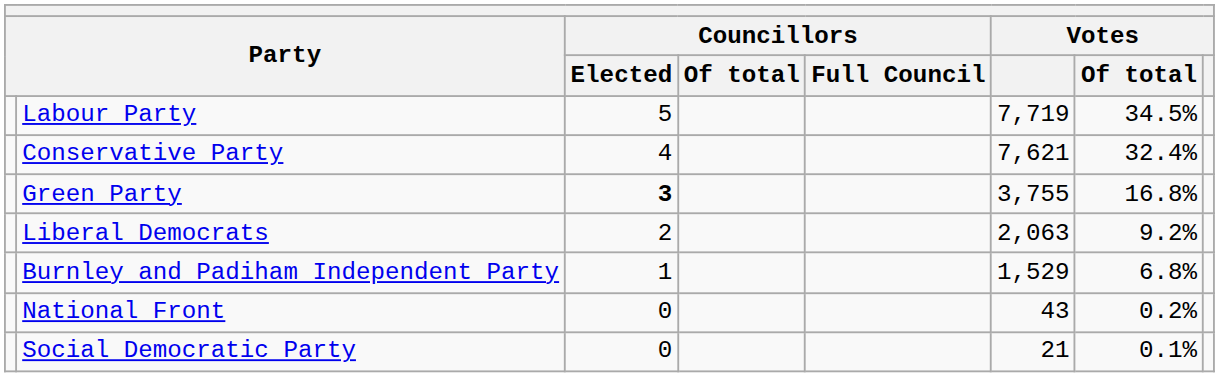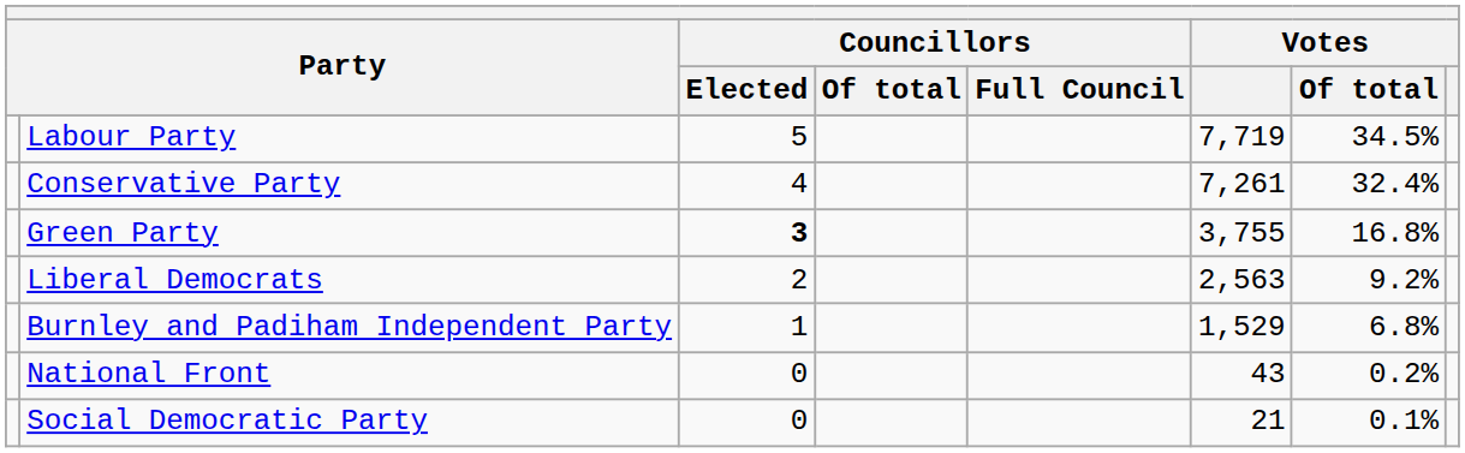 <table class="wikitable sortable" style="text-align:center;">
 <tr>
 <th colspan="9"></th>
 </tr>
 <tr>
 <th colspan="2" rowspan="2">Party</th>
 <th colspan="3">Councillors</th>
 <th colspan="3">Votes</th>
 </tr>
 <tr>
 <th>Elected</th>
 <th>Of total</th>
 <th class="unsortable">Full Council</th>
 <th></th>
 <th>Of total</th>
 <th class="unsortable"></th>
 </tr>
 <tr>
 <td style="background:"></td>
 <td style="text-align:left;"><a href='#'>Labour Party</a></td>
 <td style="text-align:right;">5</td>
 <td style="text-align:right;"></td>
 <td data-sort-value=""></td>
 <td style="text-align:right;">7,719</td>
 <td style="text-align:right;">34.5%</td>
 <td></td>
 </tr>
 <tr>
 <td style="background:"></td>
 <td style="text-align:left;"><a href='#'>Conservative Party</a></td>
 <td style="text-align:right;">4</td>
 <td style="text-align:right;"></td>
 <td data-sort-value=""></td>
-<td style="text-align:right;">7,621</td>
+<td style="text-align:right;">7,261</td>
 <td style="text-align:right;">32.4%</td>
 <td></td>
 </tr>
 <tr>
 <td style="background:"></td>
 <td style="text-align:left;"><a href='#'>Green Party</a></td>
 <td style="text-align:right;"><strong>3</strong></td>
 <td style="text-align:right;"></td>
 <td data-sort-value=""></td>
 <td style="text-align:right;">3,755</td>
 <td style="text-align:right;">16.8%</td>
 <td></td>
 </tr>
 <tr>
 <td style="background:"></td>
 <td style="text-align:left;"><a href='#'>Liberal Democrats</a></td>
 <td style="text-align:right;">2</td>
 <td style="text-align:right;"></td>
 <td data-sort-value=""></td>
-<td style="text-align:right;">2,063</td>
+<td style="text-align:right;">2,563</td>
 <td style="text-align:right;">9.2%</td>
 <td></td>
 </tr>
 <tr>
 <td style="background:"></td>
 <td style="text-align:left;"><a href='#'>Burnley and Padiham Independent Party</a></td>
 <td style="text-align:right;">1</td>
 <td style="text-align:right;"></td>
 <td data-sort-value=""></td>
 <td style="text-align:right;">1,529</td>
 <td style="text-align:right;">6.8%</td>
 <td></td>
 </tr>
 <tr>
 <td style="background:"></td>
 <td style="text-align:left;"><a href='#'>National Front</a></td>
 <td style="text-align:right;">0</td>
 <td style="text-align:right;"></td>
 <td data-sort-value=""></td>
 <td style="text-align:right;">43</td>
 <td style="text-align:right;">0.2%</td>
 <td></td>
 </tr>
 <tr>
 <td style="background:"></td>
 <td style="text-align:left;"><a href='#'>Social Democratic Party</a></td>
 <td style="text-align:right;">0</td>
 <td style="text-align:right;"></td>
 <td data-sort-value=""></td>
 <td style="text-align:right;">21</td>
 <td style="text-align:right;">0.1%</td>
 <td></td>
 </tr>
 </table>
